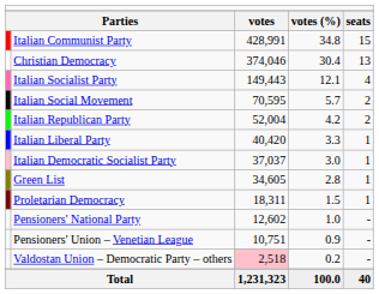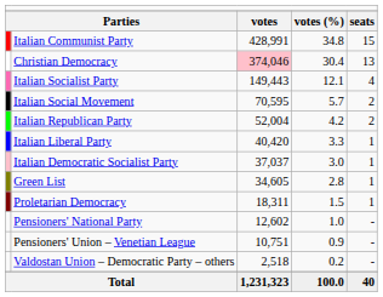 <table class="wikitable" style="font-size:95%">
 <tr>
 <td colspan=5 align=center></td>
 </tr>
 <tr>
 </tr>
 <tr bgcolor="EFEFEF">
 <th colspan=2>Parties</th>
 <th>votes</th>
 <th>votes (%)</th>
 <th>seats</th>
 </tr>
 <tr>
 <td bgcolor=red></td>
 <td><a href='#'>Italian Communist Party</a></td>
 <td align=right>428,991</td>
 <td align=right>34.8</td>
 <td align=right>15</td>
 </tr>
 <tr>
 <td bgcolor=white></td>
 <td><a href='#'>Christian Democracy</a></td>
-<td align=right>374,046</td>
+<td align=right style="background: pink;">374,046</td>
 <td align=right>30.4</td>
 <td align=right>13</td>
 </tr>
 <tr>
 <td bgcolor=hotpink></td>
 <td><a href='#'>Italian Socialist Party</a></td>
 <td align=right>149,443</td>
 <td align=right>12.1</td>
 <td align=right>4</td>
 </tr>
 <tr>
 <td bgcolor=black></td>
 <td><a href='#'>Italian Social Movement</a></td>
 <td align=right>70,595</td>
 <td align=right>5.7</td>
 <td align=right>2</td>
 </tr>
 <tr>
 <td bgcolor=lime></td>
 <td><a href='#'>Italian Republican Party</a></td>
 <td align=right>52,004</td>
 <td align=right>4.2</td>
 <td align=right>2</td>
 </tr>
 <tr>
 <td bgcolor=blue></td>
 <td><a href='#'>Italian Liberal Party</a></td>
 <td align=right>40,420</td>
 <td align=right>3.3</td>
 <td align=right>1</td>
 </tr>
 <tr>
 <td bgcolor=pink></td>
 <td><a href='#'>Italian Democratic Socialist Party</a></td>
 <td align=right>37,037</td>
 <td align=right>3.0</td>
 <td align=right>1</td>
 </tr>
 <tr>
 <td bgcolor=olive></td>
 <td><a href='#'>Green List</a></td>
 <td align=right>34,605</td>
 <td align=right>2.8</td>
 <td align=right>1</td>
 </tr>
 <tr>
 <td bgcolor=maroon></td>
 <td><a href='#'>Proletarian Democracy</a></td>
 <td align=right>18,311</td>
 <td align=right>1.5</td>
 <td align=right>1</td>
 </tr>
 <tr>
 <td></td>
 <td><a href='#'>Pensioners' National Party</a></td>
 <td align=right>12,602</td>
 <td align=right>1.0</td>
 <td align=right>-</td>
 </tr>
 <tr>
 <td></td>
 <td>Pensioners' Union – <a href='#'>Venetian League</a></td>
 <td align=right>10,751</td>
 <td align=right>0.9</td>
 <td align=right>-</td>
 </tr>
 <tr>
 <td></td>
 <td><a href='#'>Valdostan Union</a> – Democratic Party – others</td>
-<td align=right style="background: pink;">2,518</td>
+<td align=right>2,518</td>
 <td align=right>0.2</td>
 <td align=right>-</td>
 </tr>
 <tr>
 </tr>
 <tr bgcolor="EFEFEF">
 <th colspan=2><strong>Total</strong></th>
 <td align=right><strong>1,231,323</strong></td>
 <td align=right><strong>100.0</strong></td>
 <td align=right><strong>40</strong></td>
 </tr>
 </table>
